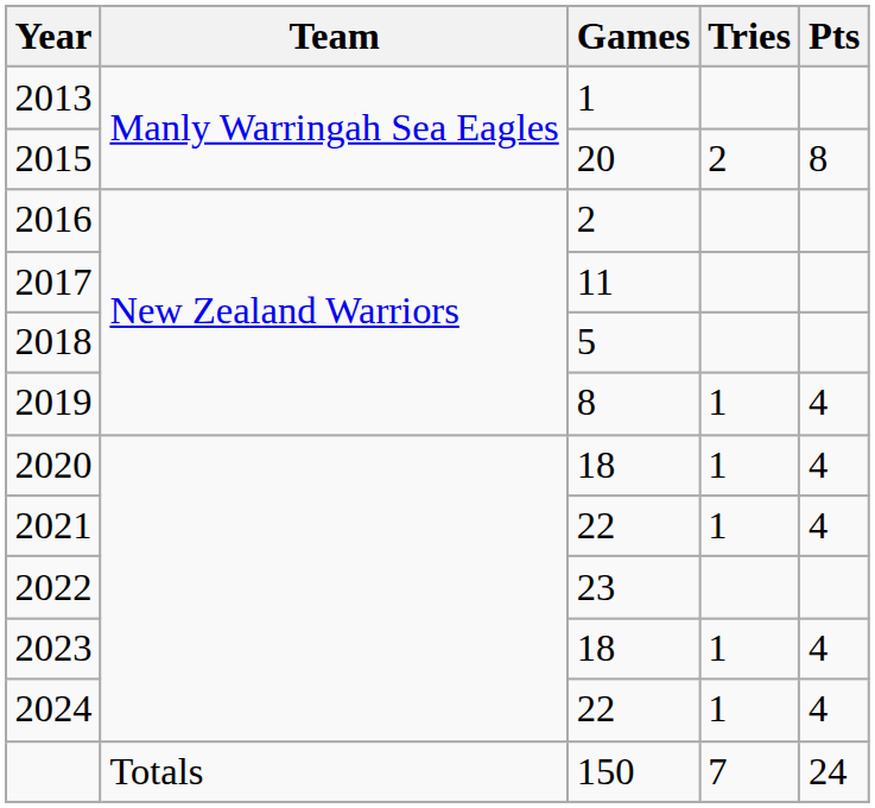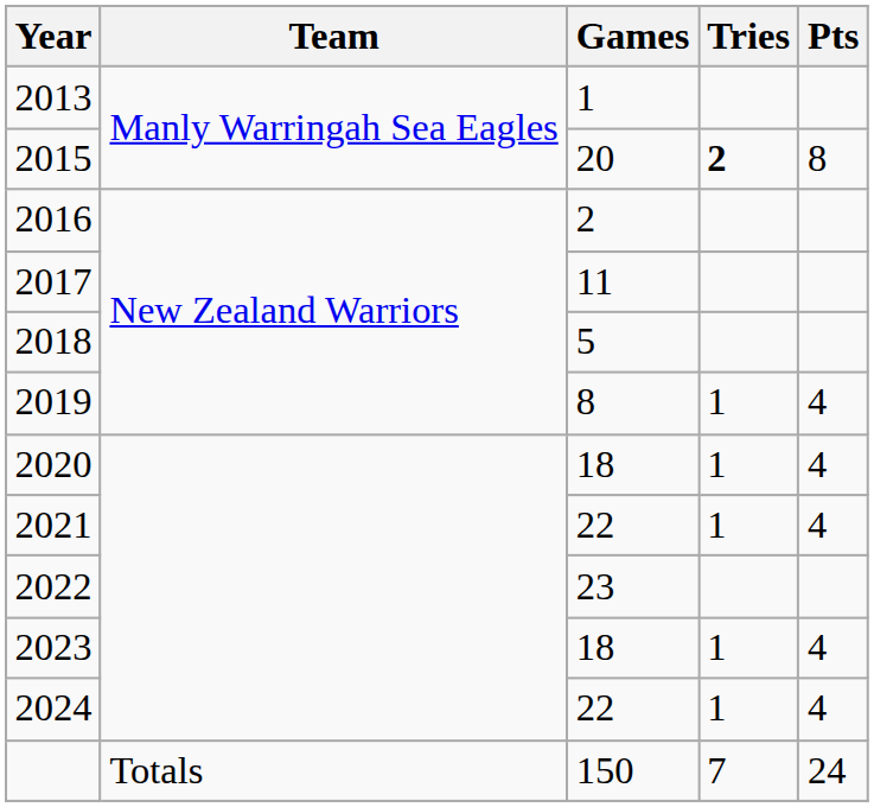 <table class="wikitable">
 <tr>
 <th>Year</th>
 <th>Team</th>
 <th>Games</th>
 <th>Tries</th>
 <th>Pts</th>
 </tr>
 <tr>
 <td>2013</td>
 <td rowspan="2"> <a href='#'>Manly Warringah Sea Eagles</a></td>
 <td>1</td>
 <td></td>
 <td></td>
 </tr>
 <tr>
 <td>2015</td>
 <td>20</td>
-<td>2</td>
+<td><strong>2</strong></td>
 <td>8</td>
 </tr>
 <tr>
 <td>2016</td>
 <td rowspan="4"> <a href='#'>New Zealand Warriors</a></td>
 <td>2</td>
 <td></td>
 <td></td>
 </tr>
 <tr>
 <td>2017</td>
 <td>11</td>
 <td></td>
 <td></td>
 </tr>
 <tr>
 <td>2018</td>
 <td>5</td>
 <td></td>
 <td></td>
 </tr>
 <tr>
 <td>2019</td>
 <td>8</td>
 <td>1</td>
 <td>4</td>
 </tr>
 <tr>
 <td>2020</td>
 <td rowspan="5"></td>
 <td>18</td>
 <td>1</td>
 <td>4</td>
 </tr>
 <tr>
 <td>2021</td>
 <td>22</td>
 <td>1</td>
 <td>4</td>
 </tr>
 <tr>
 <td>2022</td>
 <td>23</td>
 <td></td>
 <td></td>
 </tr>
 <tr>
 <td>2023</td>
 <td>18</td>
 <td>1</td>
 <td>4</td>
 </tr>
 <tr>
 <td>2024</td>
 <td>22</td>
 <td>1</td>
 <td>4</td>
 </tr>
 <tr>
 <td></td>
 <td>Totals</td>
 <td>150</td>
 <td>7</td>
 <td>24</td>
 </tr>
 </table>
